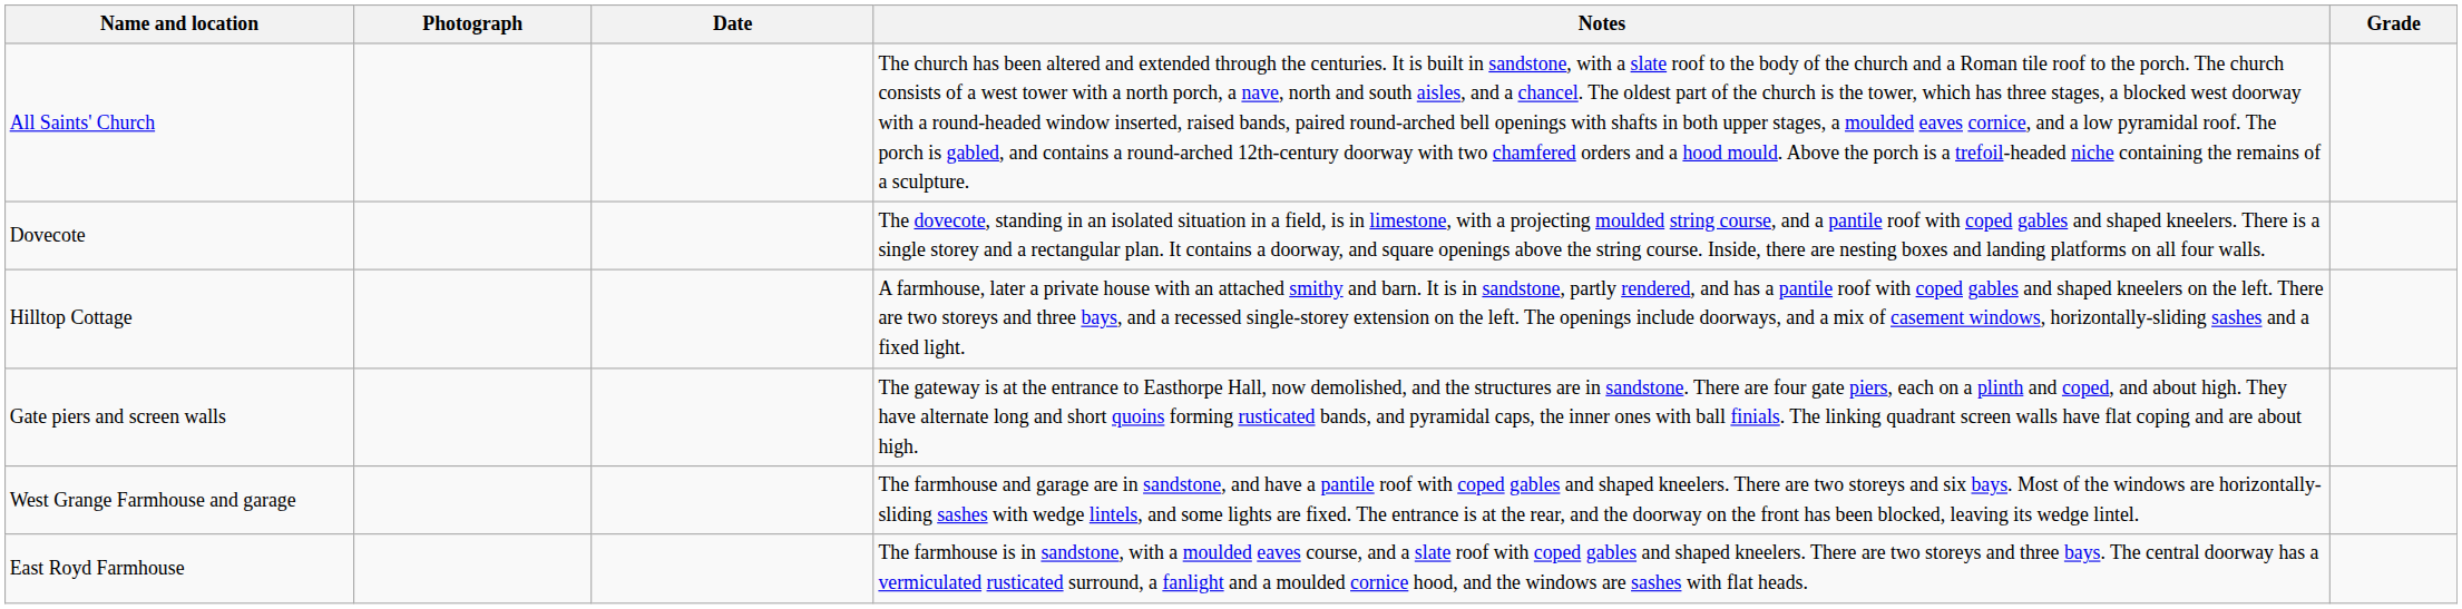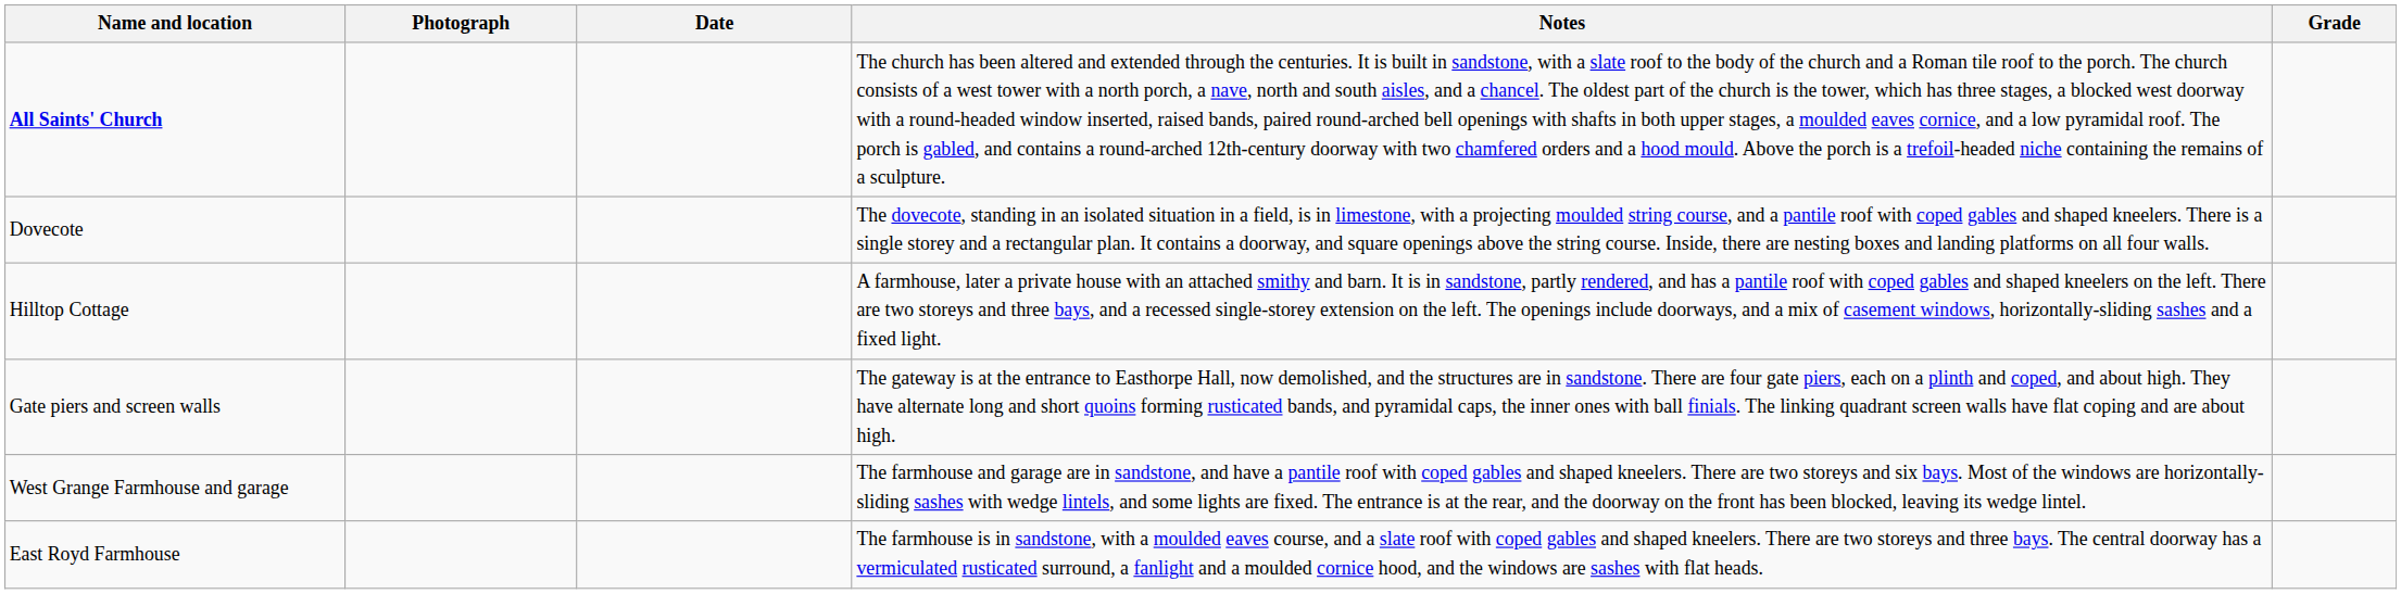 <table class="wikitable sortable plainrowheaders" style="width:100%; border:0px; text-align:left; line-height:150%">
 <tr>
 <th scope="col"  style="width:150px">Name and location</th>
 <th scope="col"  style="width:100px" class="unsortable">Photograph</th>
 <th scope="col"  style="width:120px">Date</th>
 <th scope="col"  style="width:650px" class="unsortable">Notes</th>
 <th scope="col"  style="width:50px">Grade</th>
 </tr>
 <tr>
-<td><a href='#'>All Saints' Church</a><br><small></small></td>
+<td><strong><a href='#'>All Saints' Church</a><br><small></small></strong></td>
 <td></td>
 <td align="center"></td>
 <td>The church has been altered and extended through the centuries.  It is built in <a href='#'>sandstone</a>, with a <a href='#'>slate</a> roof to the body of the church and a Roman tile roof to the porch.  The church consists of a west tower with a north porch, a <a href='#'>nave</a>, north and south <a href='#'>aisles</a>, and a <a href='#'>chancel</a>.  The oldest part of the church is the tower, which has three stages, a blocked west doorway with a round-headed window inserted, raised bands, paired round-arched bell openings with shafts in both upper stages, a <a href='#'>moulded</a> <a href='#'>eaves</a> <a href='#'>cornice</a>, and a low pyramidal roof.  The porch is <a href='#'>gabled</a>, and contains a round-arched 12th-century doorway with two <a href='#'>chamfered</a> orders and a <a href='#'>hood mould</a>.  Above the porch is a <a href='#'>trefoil</a>-headed <a href='#'>niche</a> containing the remains of a sculpture.</td>
 <td align="center" ></td>
 </tr>
 <tr>
 <td>Dovecote<br><small></small></td>
 <td></td>
 <td align="center"></td>
 <td>The <a href='#'>dovecote</a>, standing in an isolated situation in a field, is in <a href='#'>limestone</a>, with a projecting <a href='#'>moulded</a> <a href='#'>string course</a>, and a <a href='#'>pantile</a> roof with <a href='#'>coped</a> <a href='#'>gables</a> and shaped kneelers.  There is a single storey and a rectangular plan.  It contains a doorway, and square openings above the string course.  Inside, there are nesting boxes and landing platforms on all four walls.</td>
 <td align="center" ></td>
 </tr>
 <tr>
 <td>Hilltop Cottage<br><small></small></td>
 <td></td>
 <td align="center"></td>
 <td>A farmhouse, later a private house with an attached <a href='#'>smithy</a> and barn.  It is in <a href='#'>sandstone</a>, partly <a href='#'>rendered</a>, and has a <a href='#'>pantile</a> roof with <a href='#'>coped</a> <a href='#'>gables</a> and shaped kneelers on the left.  There are two storeys and three <a href='#'>bays</a>, and a recessed single-storey extension on the left.  The openings include doorways, and a mix of <a href='#'>casement windows</a>, horizontally-sliding <a href='#'>sashes</a> and a fixed light.</td>
 <td align="center" ></td>
 </tr>
 <tr>
 <td>Gate piers and screen walls<br><small></small></td>
 <td></td>
 <td align="center"></td>
 <td>The gateway is at the entrance to Easthorpe Hall, now demolished, and the structures are in <a href='#'>sandstone</a>. There are four gate <a href='#'>piers</a>, each on a <a href='#'>plinth</a> and <a href='#'>coped</a>, and about  high.  They have alternate long and short <a href='#'>quoins</a> forming <a href='#'>rusticated</a> bands, and pyramidal caps, the inner ones with ball <a href='#'>finials</a>.  The linking quadrant screen walls have flat coping and are about  high.</td>
 <td align="center" ></td>
 </tr>
 <tr>
 <td>West Grange Farmhouse and garage<br><small></small></td>
 <td></td>
 <td align="center"></td>
 <td>The farmhouse and garage are in <a href='#'>sandstone</a>, and have a <a href='#'>pantile</a> roof with <a href='#'>coped</a> <a href='#'>gables</a> and shaped kneelers.  There are two storeys and six <a href='#'>bays</a>.  Most of the windows are horizontally-sliding <a href='#'>sashes</a> with wedge <a href='#'>lintels</a>, and some lights are fixed.  The entrance is at the rear, and the doorway on the front has been blocked, leaving its wedge lintel.</td>
 <td align="center" ></td>
 </tr>
 <tr>
 <td>East Royd Farmhouse<br><small></small></td>
 <td></td>
 <td align="center"></td>
 <td>The farmhouse is in <a href='#'>sandstone</a>, with a <a href='#'>moulded</a> <a href='#'>eaves</a> course, and a <a href='#'>slate</a> roof with <a href='#'>coped</a> <a href='#'>gables</a> and shaped kneelers.  There are two storeys and three <a href='#'>bays</a>.  The central doorway has a <a href='#'>vermiculated</a> <a href='#'>rusticated</a> surround, a <a href='#'>fanlight</a> and a moulded <a href='#'>cornice</a> hood, and the windows are <a href='#'>sashes</a> with flat heads.</td>
 <td align="center" ></td>
 </tr>
 <tr>
 </tr>
 </table>
